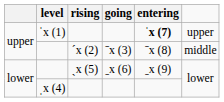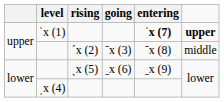 <table class="wikitable" style="text-align:center">
 <tr>
 <th></th>
 <th>level</th>
 <th>rising</th>
 <th>going</th>
 <th>entering</th>
 </tr>
 <tr>
 <td rowspan="2">upper</td>
 <td>ˈx (1)</td>
 <td></td>
 <td></td>
 <td><strong>ˈx (7)</strong></td>
-<td>upper</td>
+<td><strong>upper</strong></td>
 </tr>
 <tr>
 <td></td>
 <td>ˊx (2)</td>
 <td>ˉx (3)</td>
 <td>ˉx (8)</td>
 <td>middle</td>
 </tr>
 <tr>
 <td rowspan="2">lower</td>
 <td></td>
 <td>ˏx (5)</td>
 <td>ˍx (6)</td>
 <td>ˍx (9)</td>
 <td rowspan="2">lower</td>
 </tr>
 <tr>
 <td>ˌx (4)</td>
 <td></td>
 <td></td>
 <td></td>
 </tr>
 </table>
